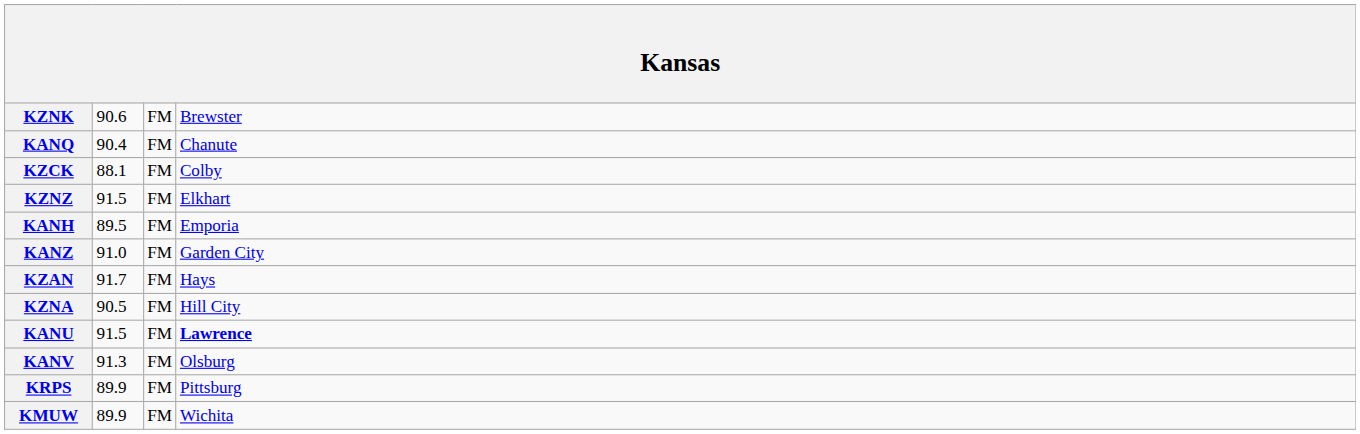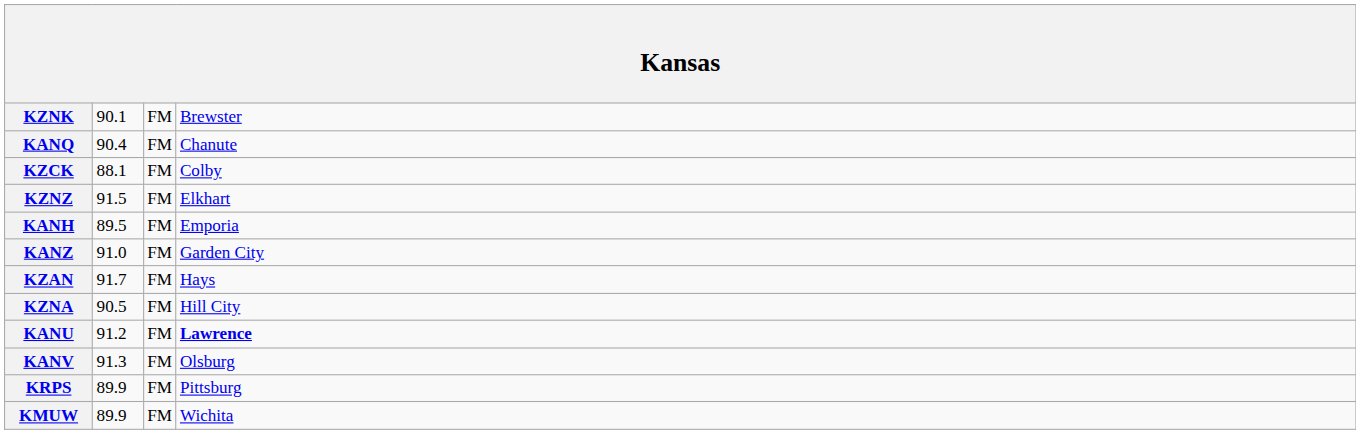 <table class="wikitable mw-collapsible" style="width:100%">
 <tr>
 <th scope="col" colspan="4"><br><h2>Kansas</h2></th>
 </tr>
 <tr>
 <th scope="row" style="width: 75px;"><a href='#'>KZNK</a></th>
-<td style="width: 40px;">90.6</td>
+<td style="width: 40px;">90.1</td>
 <td style="width: 21px;">FM</td>
 <td><a href='#'>Brewster</a></td>
 </tr>
 <tr>
 <th scope="row"><a href='#'>KANQ</a></th>
 <td>90.4</td>
 <td>FM</td>
 <td><a href='#'>Chanute</a></td>
 </tr>
 <tr>
 <th scope="row"><a href='#'>KZCK</a></th>
 <td>88.1</td>
 <td>FM</td>
 <td><a href='#'>Colby</a></td>
 </tr>
 <tr>
 <th scope="row"><a href='#'>KZNZ</a></th>
 <td>91.5</td>
 <td>FM</td>
 <td><a href='#'>Elkhart</a></td>
 </tr>
 <tr>
 <th scope="row"><a href='#'>KANH</a></th>
 <td>89.5</td>
 <td>FM</td>
 <td><a href='#'>Emporia</a></td>
 </tr>
 <tr>
 <th scope="row"><a href='#'>KANZ</a></th>
 <td>91.0</td>
 <td>FM</td>
 <td><a href='#'>Garden City</a></td>
 </tr>
 <tr>
 <th scope="row"><a href='#'>KZAN</a></th>
 <td>91.7</td>
 <td>FM</td>
 <td><a href='#'>Hays</a></td>
 </tr>
 <tr>
 <th scope="row"><a href='#'>KZNA</a></th>
 <td>90.5</td>
 <td>FM</td>
 <td><a href='#'>Hill City</a></td>
 </tr>
 <tr>
 <th scope="row"><a href='#'>KANU</a></th>
-<td>91.5</td>
+<td>91.2</td>
 <td>FM</td>
 <td><strong><a href='#'>Lawrence</a></strong></td>
 </tr>
 <tr>
 <th scope="row"><a href='#'>KANV</a></th>
 <td>91.3</td>
 <td>FM</td>
 <td><a href='#'>Olsburg</a></td>
 </tr>
 <tr>
 <th scope="row"><a href='#'>KRPS</a></th>
 <td>89.9</td>
 <td>FM</td>
 <td><a href='#'>Pittsburg</a></td>
 </tr>
 <tr>
 <th scope="row"><a href='#'>KMUW</a></th>
 <td>89.9</td>
 <td>FM</td>
 <td><a href='#'>Wichita</a></td>
 </tr>
 </table>
